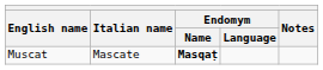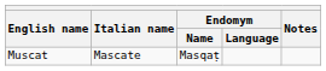 <table class="wikitable sortable">
 <tr>
 <th colspan="5"></th>
 </tr>
 <tr>
 <th rowspan="2">English name</th>
 <th rowspan="2">Italian name</th>
 <th colspan="2">Endomym</th>
 <th rowspan="2">Notes</th>
 </tr>
 <tr>
 <th>Name</th>
 <th>Language</th>
 </tr>
 <tr>
 <td>Muscat</td>
 <td>Mascate</td>
-<td><strong>Masqaṭ</strong></td>
+<td>Masqaṭ</td>
 <td></td>
 <td></td>
 </tr>
 </table>
